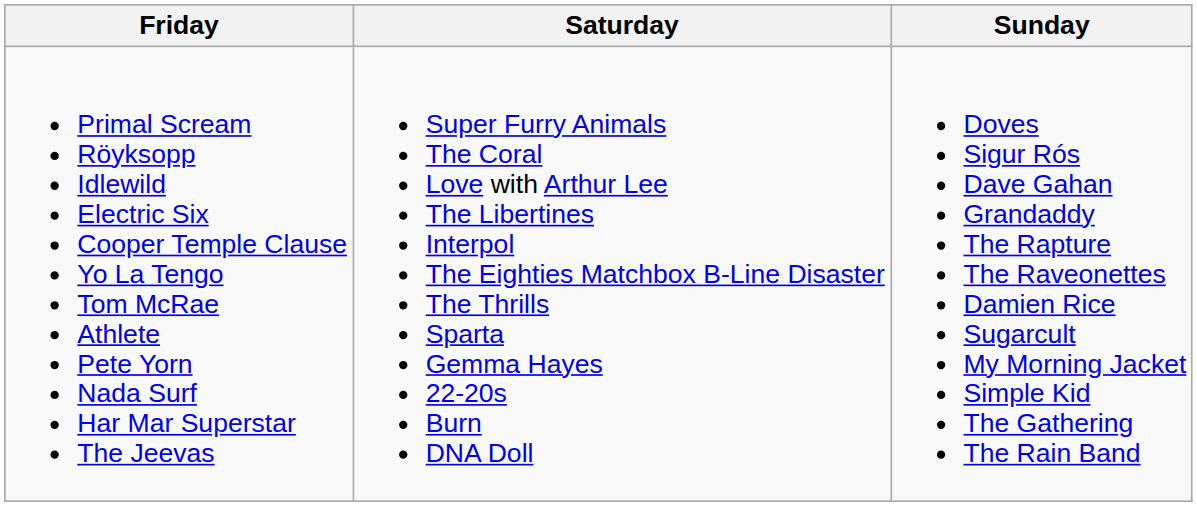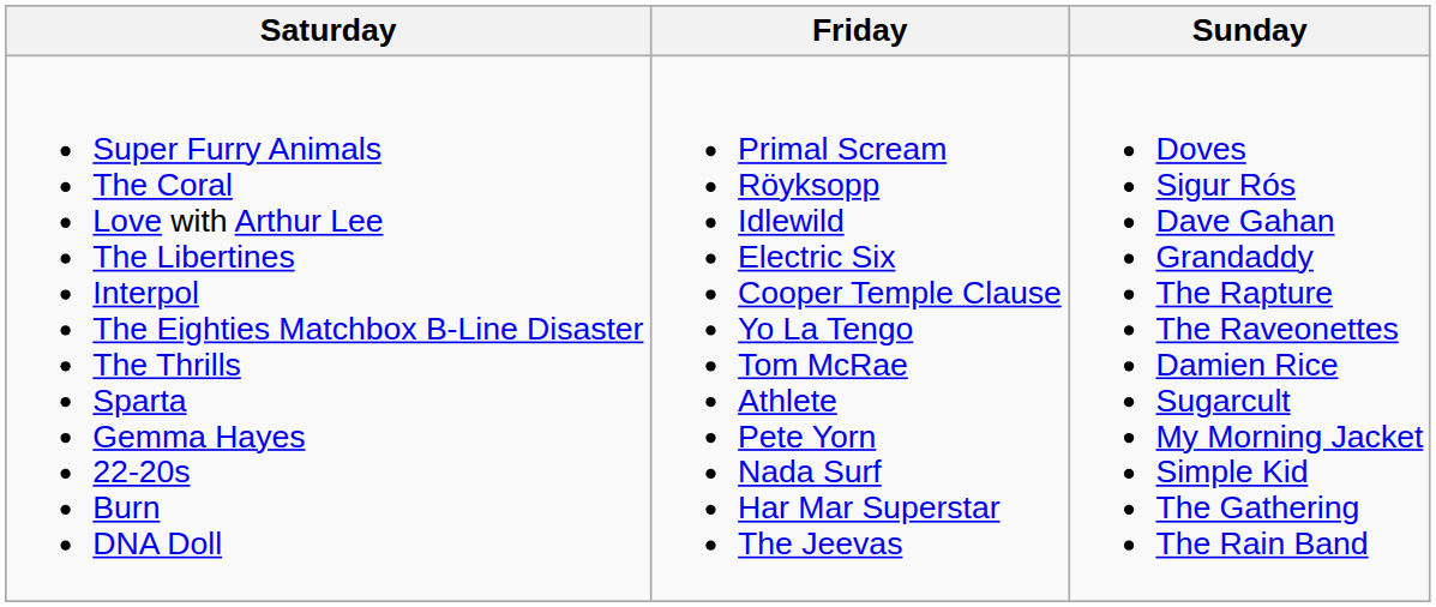 <table class="wikitable">
 <tr>
+<th>Saturday</th>
 <th>Friday</th>
-<th>Saturday</th>
 <th>Sunday</th>
 </tr>
 <tr valign="top">
+<td><br><ul><li><a href='#'>Super Furry Animals</a></li><li><a href='#'>The Coral</a></li><li><a href='#'>Love</a> with <a href='#'>Arthur Lee</a></li><li><a href='#'>The Libertines</a></li><li><a href='#'>Interpol</a></li><li><a href='#'>The Eighties Matchbox B-Line Disaster</a></li><li><a href='#'>The Thrills</a></li><li><a href='#'>Sparta</a></li><li><a href='#'>Gemma Hayes</a></li><li><a href='#'>22-20s</a></li><li><a href='#'>Burn</a></li><li><a href='#'>DNA Doll</a></li></ul></td>
 <td><br><ul><li><a href='#'>Primal Scream</a></li><li><a href='#'>Röyksopp</a></li><li><a href='#'>Idlewild</a></li><li><a href='#'>Electric Six</a></li><li><a href='#'>Cooper Temple Clause</a></li><li><a href='#'>Yo La Tengo</a></li><li><a href='#'>Tom McRae</a></li><li><a href='#'>Athlete</a></li><li><a href='#'>Pete Yorn</a></li><li><a href='#'>Nada Surf</a></li><li><a href='#'>Har Mar Superstar</a></li><li><a href='#'>The Jeevas</a></li></ul></td>
-<td><br><ul><li><a href='#'>Super Furry Animals</a></li><li><a href='#'>The Coral</a></li><li><a href='#'>Love</a> with <a href='#'>Arthur Lee</a></li><li><a href='#'>The Libertines</a></li><li><a href='#'>Interpol</a></li><li><a href='#'>The Eighties Matchbox B-Line Disaster</a></li><li><a href='#'>The Thrills</a></li><li><a href='#'>Sparta</a></li><li><a href='#'>Gemma Hayes</a></li><li><a href='#'>22-20s</a></li><li><a href='#'>Burn</a></li><li><a href='#'>DNA Doll</a></li></ul></td>
 <td><br><ul><li><a href='#'>Doves</a></li><li><a href='#'>Sigur Rós</a></li><li><a href='#'>Dave Gahan</a></li><li><a href='#'>Grandaddy</a></li><li><a href='#'>The Rapture</a></li><li><a href='#'>The Raveonettes</a></li><li><a href='#'>Damien Rice</a></li><li><a href='#'>Sugarcult</a></li><li><a href='#'>My Morning Jacket</a></li><li><a href='#'>Simple Kid</a></li><li><a href='#'>The Gathering</a></li><li><a href='#'>The Rain Band</a></li></ul></td>
 </tr>
 </table>
